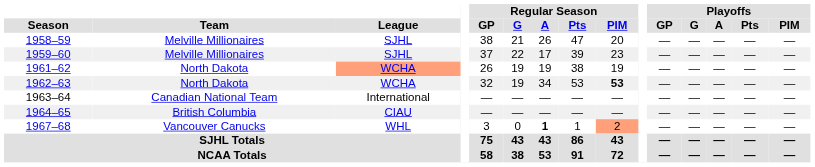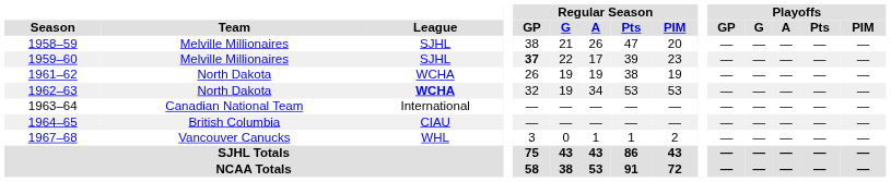 <table border="0" cellpadding="1" cellspacing="0" style="text-align:center; width:70em">
 <tr bgcolor="#e0e0e0">
 <th colspan="3"  bgcolor="#ffffff"> </th>
 <th rowspan="99" bgcolor="#ffffff"> </th>
 <th colspan="5">Regular Season</th>
 <th rowspan="99" bgcolor="#ffffff"> </th>
 <th colspan="5">Playoffs</th>
 </tr>
 <tr bgcolor="#e0e0e0">
 <th>Season</th>
 <th>Team</th>
 <th>League</th>
 <th>GP</th>
 <th><a href='#'>G</a></th>
 <th><a href='#'>A</a></th>
 <th><a href='#'>Pts</a></th>
 <th><a href='#'>PIM</a></th>
 <th>GP</th>
 <th>G</th>
 <th>A</th>
 <th>Pts</th>
 <th>PIM</th>
 </tr>
 <tr>
 <td><a href='#'>1958–59</a></td>
 <td><a href='#'>Melville Millionaires</a></td>
 <td><a href='#'>SJHL</a></td>
 <td>38</td>
 <td>21</td>
 <td>26</td>
 <td>47</td>
 <td>20</td>
 <td>—</td>
 <td>—</td>
 <td>—</td>
 <td>—</td>
 <td>—</td>
 </tr>
 <tr bgcolor=f0f0f0>
 <td><a href='#'>1959–60</a></td>
 <td><a href='#'>Melville Millionaires</a></td>
 <td><a href='#'>SJHL</a></td>
-<td>37</td>
+<td><strong>37</strong></td>
 <td>22</td>
 <td>17</td>
 <td>39</td>
 <td>23</td>
 <td>—</td>
 <td>—</td>
 <td>—</td>
 <td>—</td>
 <td>—</td>
 </tr>
 <tr>
 <td><a href='#'>1961–62</a></td>
 <td><a href='#'>North Dakota</a></td>
-<td style="background: lightsalmon;"><a href='#'>WCHA</a></td>
+<td><a href='#'>WCHA</a></td>
 <td>26</td>
 <td>19</td>
 <td>19</td>
 <td>38</td>
 <td>19</td>
 <td>—</td>
 <td>—</td>
 <td>—</td>
 <td>—</td>
 <td>—</td>
 </tr>
 <tr bgcolor=f0f0f0>
 <td><a href='#'>1962–63</a></td>
 <td><a href='#'>North Dakota</a></td>
-<td><a href='#'>WCHA</a></td>
+<td><strong><a href='#'>WCHA</a></strong></td>
 <td>32</td>
 <td>19</td>
 <td>34</td>
 <td>53</td>
-<td><strong>53</strong></td>
+<td>53</td>
 <td>—</td>
 <td>—</td>
 <td>—</td>
 <td>—</td>
 <td>—</td>
 </tr>
 <tr>
 <td>1963–64</td>
 <td><a href='#'>Canadian National Team</a></td>
 <td>International</td>
 <td>—</td>
 <td>—</td>
 <td>—</td>
 <td>—</td>
 <td>—</td>
 <td>—</td>
 <td>—</td>
 <td>—</td>
 <td>—</td>
 <td>—</td>
 </tr>
 <tr bgcolor=f0f0f0>
 <td><a href='#'>1964–65</a></td>
 <td><a href='#'>British Columbia</a></td>
 <td><a href='#'>CIAU</a></td>
 <td>—</td>
 <td>—</td>
 <td>—</td>
 <td>—</td>
 <td>—</td>
 <td>—</td>
 <td>—</td>
 <td>—</td>
 <td>—</td>
 <td>—</td>
 </tr>
 <tr>
 <td><a href='#'>1967–68</a></td>
 <td><a href='#'>Vancouver Canucks</a></td>
 <td><a href='#'>WHL</a></td>
 <td>3</td>
 <td>0</td>
-<td><strong>1</strong></td>
 <td>1</td>
-<td style="background: lightsalmon;">2</td>
+<td>1</td>
+<td>2</td>
 <td>—</td>
 <td>—</td>
 <td>—</td>
 <td>—</td>
 <td>—</td>
 </tr>
 <tr bgcolor="#e0e0e0">
 <th colspan="3">SJHL Totals</th>
 <th>75</th>
 <th>43</th>
 <th>43</th>
 <th>86</th>
 <th>43</th>
 <th>—</th>
 <th>—</th>
 <th>—</th>
 <th>—</th>
 <th>—</th>
 </tr>
 <tr bgcolor="#e0e0e0">
 <th colspan="3">NCAA Totals</th>
 <th>58</th>
 <th>38</th>
 <th>53</th>
 <th>91</th>
 <th>72</th>
 <th>—</th>
 <th>—</th>
 <th>—</th>
 <th>—</th>
 <th>—</th>
 </tr>
 </table>
